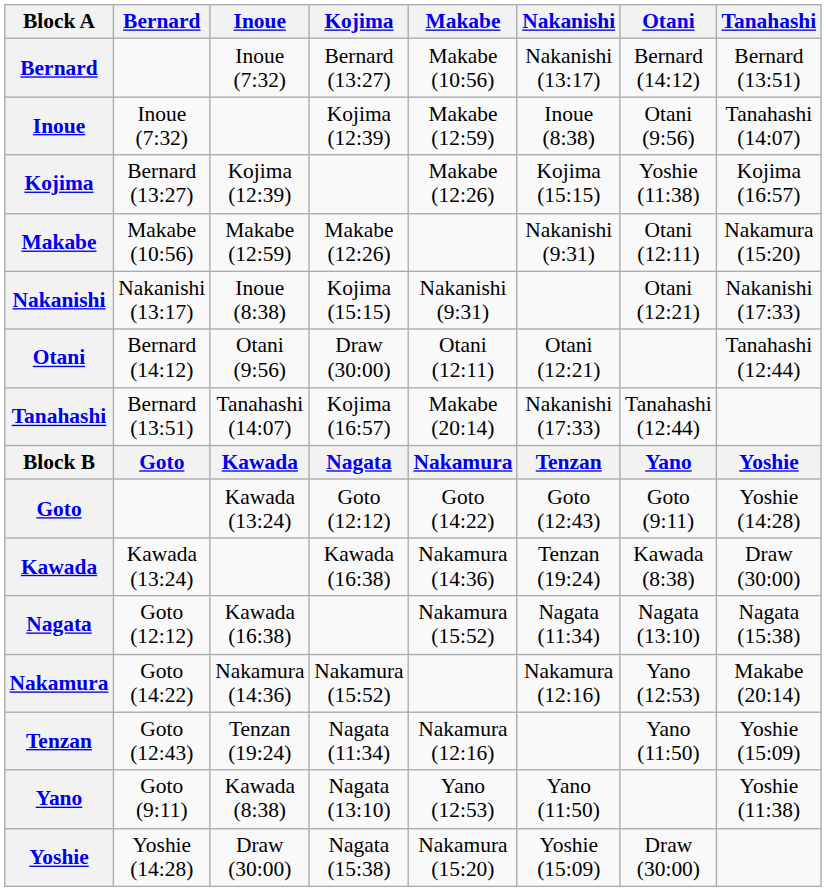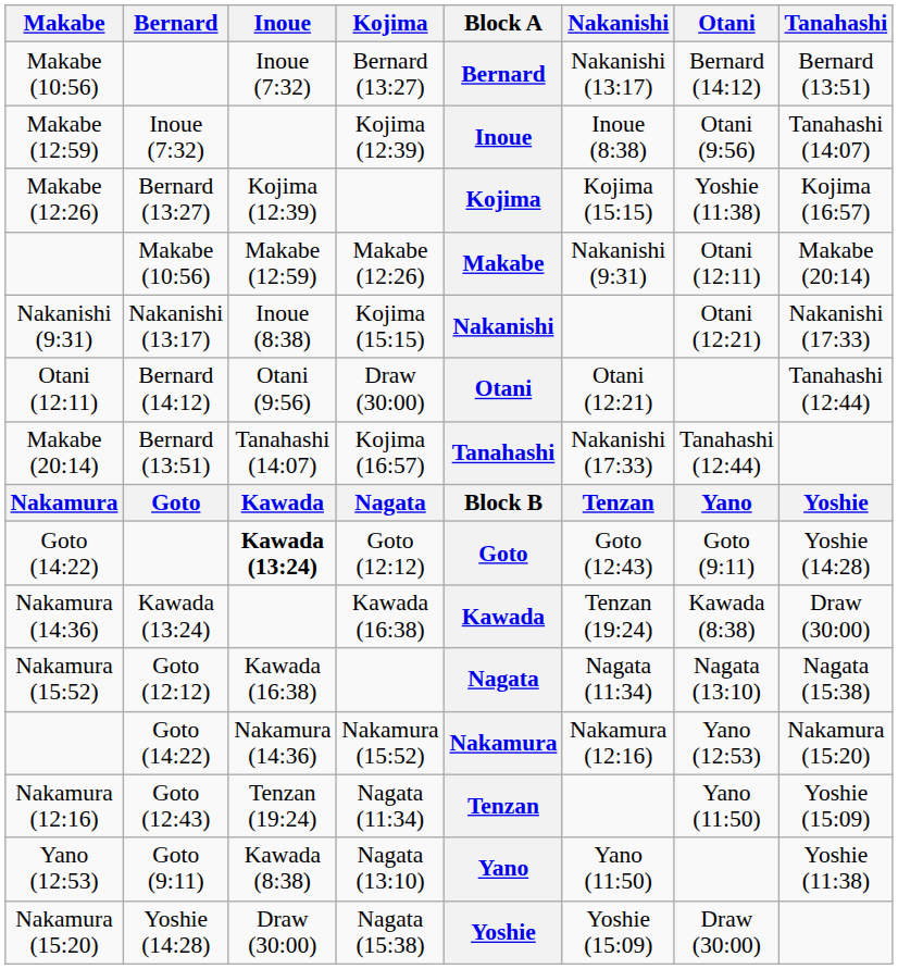 <table class="wikitable" style="margin: 1em auto 1em auto">
 <tr align="center">
-<th>Block A</th>
+<th><a href='#'>Makabe</a></th>
 <th><a href='#'>Bernard</a></th>
 <th><a href='#'>Inoue</a></th>
 <th><a href='#'>Kojima</a></th>
-<th><a href='#'>Makabe</a></th>
+<th>Block A</th>
 <th><a href='#'>Nakanishi</a></th>
 <th><a href='#'>Otani</a></th>
 <th><a href='#'>Tanahashi</a></th>
 </tr>
 <tr align="center">
-<th><a href='#'>Bernard</a></th>
+<td>Makabe<br>(10:56)</td>
 <td></td>
 <td>Inoue<br>(7:32)</td>
 <td>Bernard<br>(13:27)</td>
-<td>Makabe<br>(10:56)</td>
+<th><a href='#'>Bernard</a></th>
 <td>Nakanishi<br>(13:17)</td>
 <td>Bernard<br>(14:12)</td>
 <td>Bernard<br>(13:51)</td>
 </tr>
 <tr align="center">
-<th><a href='#'>Inoue</a></th>
+<td>Makabe<br>(12:59)</td>
 <td>Inoue<br>(7:32)</td>
 <td></td>
 <td>Kojima<br>(12:39)</td>
-<td>Makabe<br>(12:59)</td>
+<th><a href='#'>Inoue</a></th>
 <td>Inoue<br>(8:38)</td>
 <td>Otani<br>(9:56)</td>
 <td>Tanahashi<br>(14:07)</td>
 </tr>
 <tr align="center">
-<th><a href='#'>Kojima</a></th>
+<td>Makabe<br>(12:26)</td>
 <td>Bernard<br>(13:27)</td>
 <td>Kojima<br>(12:39)</td>
 <td></td>
-<td>Makabe<br>(12:26)</td>
+<th><a href='#'>Kojima</a></th>
 <td>Kojima<br>(15:15)</td>
 <td>Yoshie<br>(11:38)</td>
 <td>Kojima<br>(16:57)</td>
 </tr>
 <tr align="center">
-<th><a href='#'>Makabe</a></th>
+<td></td>
 <td>Makabe<br>(10:56)</td>
 <td>Makabe<br>(12:59)</td>
 <td>Makabe<br>(12:26)</td>
-<td></td>
+<th><a href='#'>Makabe</a></th>
 <td>Nakanishi<br>(9:31)</td>
 <td>Otani<br>(12:11)</td>
-<td>Nakamura<br>(15:20)</td>
+<td>Makabe<br>(20:14)</td>
 </tr>
 <tr align="center">
-<th><a href='#'>Nakanishi</a></th>
+<td>Nakanishi<br>(9:31)</td>
 <td>Nakanishi<br>(13:17)</td>
 <td>Inoue<br>(8:38)</td>
 <td>Kojima<br>(15:15)</td>
-<td>Nakanishi<br>(9:31)</td>
+<th><a href='#'>Nakanishi</a></th>
 <td></td>
 <td>Otani<br>(12:21)</td>
 <td>Nakanishi<br>(17:33)</td>
 </tr>
 <tr align="center">
-<th><a href='#'>Otani</a></th>
+<td>Otani<br>(12:11)</td>
 <td>Bernard<br>(14:12)</td>
 <td>Otani<br>(9:56)</td>
 <td>Draw<br>(30:00)</td>
-<td>Otani<br>(12:11)</td>
+<th><a href='#'>Otani</a></th>
 <td>Otani<br>(12:21)</td>
 <td></td>
 <td>Tanahashi<br>(12:44)</td>
 </tr>
 <tr align="center">
-<th><a href='#'>Tanahashi</a></th>
+<td>Makabe<br>(20:14)</td>
 <td>Bernard<br>(13:51)</td>
 <td>Tanahashi<br>(14:07)</td>
 <td>Kojima<br>(16:57)</td>
-<td>Makabe<br>(20:14)</td>
+<th><a href='#'>Tanahashi</a></th>
 <td>Nakanishi<br>(17:33)</td>
 <td>Tanahashi<br>(12:44)</td>
 <td></td>
 </tr>
 <tr align="center">
-<th>Block B</th>
+<th><a href='#'>Nakamura</a></th>
 <th><a href='#'>Goto</a></th>
 <th><a href='#'>Kawada</a></th>
 <th><a href='#'>Nagata</a></th>
-<th><a href='#'>Nakamura</a></th>
+<th>Block B</th>
 <th><a href='#'>Tenzan</a></th>
 <th><a href='#'>Yano</a></th>
 <th><a href='#'>Yoshie</a></th>
 </tr>
 <tr align="center">
+<td>Goto<br>(14:22)</td>
+<td></td>
+<td><strong>Kawada<br>(13:24)</strong></td>
+<td>Goto<br>(12:12)</td>
 <th><a href='#'>Goto</a></th>
-<td></td>
-<td>Kawada<br>(13:24)</td>
-<td>Goto<br>(12:12)</td>
-<td>Goto<br>(14:22)</td>
 <td>Goto<br>(12:43)</td>
 <td>Goto<br>(9:11)</td>
 <td>Yoshie<br>(14:28)</td>
 </tr>
 <tr align="center">
-<th><a href='#'>Kawada</a></th>
+<td>Nakamura<br>(14:36)</td>
 <td>Kawada<br>(13:24)</td>
 <td></td>
 <td>Kawada<br>(16:38)</td>
-<td>Nakamura<br>(14:36)</td>
+<th><a href='#'>Kawada</a></th>
 <td>Tenzan<br>(19:24)</td>
 <td>Kawada<br>(8:38)</td>
 <td>Draw<br>(30:00)</td>
 </tr>
 <tr align="center">
-<th><a href='#'>Nagata</a></th>
+<td>Nakamura<br>(15:52)</td>
 <td>Goto<br>(12:12)</td>
 <td>Kawada<br>(16:38)</td>
 <td></td>
-<td>Nakamura<br>(15:52)</td>
+<th><a href='#'>Nagata</a></th>
 <td>Nagata<br>(11:34)</td>
 <td>Nagata<br>(13:10)</td>
 <td>Nagata<br>(15:38)</td>
 </tr>
 <tr align="center">
-<th><a href='#'>Nakamura</a></th>
+<td></td>
 <td>Goto<br>(14:22)</td>
 <td>Nakamura<br>(14:36)</td>
 <td>Nakamura<br>(15:52)</td>
-<td></td>
+<th><a href='#'>Nakamura</a></th>
 <td>Nakamura<br>(12:16)</td>
 <td>Yano<br>(12:53)</td>
-<td>Makabe<br>(20:14)</td>
+<td>Nakamura<br>(15:20)</td>
 </tr>
 <tr align="center">
-<th><a href='#'>Tenzan</a></th>
+<td>Nakamura<br>(12:16)</td>
 <td>Goto<br>(12:43)</td>
 <td>Tenzan<br>(19:24)</td>
 <td>Nagata<br>(11:34)</td>
-<td>Nakamura<br>(12:16)</td>
+<th><a href='#'>Tenzan</a></th>
 <td></td>
 <td>Yano<br>(11:50)</td>
 <td>Yoshie<br>(15:09)</td>
 </tr>
 <tr align="center">
-<th><a href='#'>Yano</a></th>
+<td>Yano<br>(12:53)</td>
 <td>Goto<br>(9:11)</td>
 <td>Kawada<br>(8:38)</td>
 <td>Nagata<br>(13:10)</td>
-<td>Yano<br>(12:53)</td>
+<th><a href='#'>Yano</a></th>
 <td>Yano<br>(11:50)</td>
 <td></td>
 <td>Yoshie<br>(11:38)</td>
 </tr>
 <tr align="center">
-<th><a href='#'>Yoshie</a></th>
+<td>Nakamura<br>(15:20)</td>
 <td>Yoshie<br>(14:28)</td>
 <td>Draw<br>(30:00)</td>
 <td>Nagata<br>(15:38)</td>
-<td>Nakamura<br>(15:20)</td>
+<th><a href='#'>Yoshie</a></th>
 <td>Yoshie<br>(15:09)</td>
 <td>Draw<br>(30:00)</td>
 <td></td>
 </tr>
 </table>
